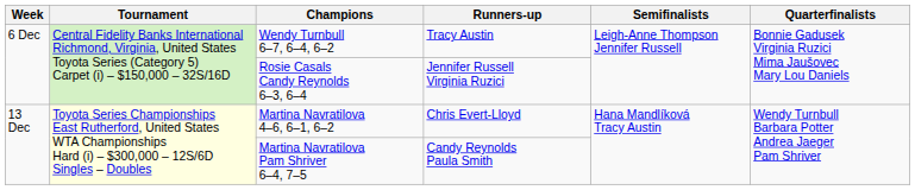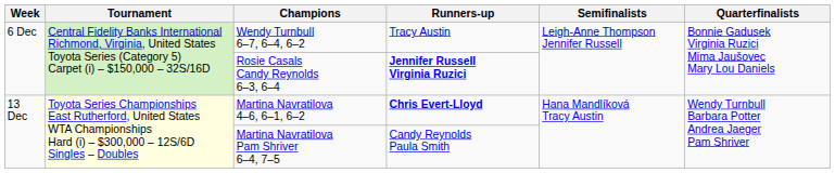 <table class=wikitable style=font-size:95%>
 <tr>
 <th style="width:48px;">Week</th>
 <th style="width:248px;">Tournament</th>
 <th style="width:200px;">Champions</th>
 <th style="width:200px;">Runners-up</th>
 <th style="width:190px;">Semifinalists</th>
 <th style="width:190px;">Quarterfinalists</th>
 </tr>
 <tr valign=top>
 <td rowspan=2>6 Dec</td>
 <td rowspan=2 bgcolor=#D4F1C5><a href='#'>Central Fidelity Banks International</a><br> <a href='#'>Richmond, Virginia</a>, United States <br>Toyota Series  (Category 5)<br>Carpet (i) – $150,000 – 32S/16D</td>
 <td> <a href='#'>Wendy Turnbull</a><br>6–7, 6–4, 6–2</td>
 <td> <a href='#'>Tracy Austin</a></td>
 <td rowspan=2> <a href='#'>Leigh-Anne Thompson</a> <br> <a href='#'>Jennifer Russell</a></td>
 <td rowspan=2> <a href='#'>Bonnie Gadusek</a> <br> <a href='#'>Virginia Ruzici</a> <br>  <a href='#'>Mima Jaušovec</a> <br> <a href='#'>Mary Lou Daniels</a></td>
 </tr>
 <tr valign="top">
 <td> <a href='#'>Rosie Casals</a><br> <a href='#'>Candy Reynolds</a> <br>6–3, 6–4</td>
-<td> <a href='#'>Jennifer Russell</a><br> <a href='#'>Virginia Ruzici</a></td>
+<td><strong> <a href='#'>Jennifer Russell</a><br> <a href='#'>Virginia Ruzici</a></strong></td>
 </tr>
 <tr valign=top>
 <td rowspan=2>13 Dec</td>
 <td rowspan=2 bgcolor=lightyellow><a href='#'>Toyota Series Championships</a><br> <a href='#'>East Rutherford</a>, United States <br>WTA Championships<br>Hard (i) – $300,000 – 12S/6D <br><a href='#'>Singles</a> – <a href='#'>Doubles</a></td>
 <td> <a href='#'>Martina Navratilova</a> <br>4–6, 6–1, 6–2</td>
-<td> <a href='#'>Chris Evert-Lloyd</a></td>
+<td><strong> <a href='#'>Chris Evert-Lloyd</a></strong></td>
 <td rowspan=2> <a href='#'>Hana Mandlíková</a> <br> <a href='#'>Tracy Austin</a></td>
 <td rowspan=2> <a href='#'>Wendy Turnbull</a> <br> <a href='#'>Barbara Potter</a> <br>  <a href='#'>Andrea Jaeger</a> <br> <a href='#'>Pam Shriver</a><br></td>
 </tr>
 <tr valign="top">
 <td> <a href='#'>Martina Navratilova</a><br> <a href='#'>Pam Shriver</a> <br>6–4, 7–5</td>
 <td> <a href='#'>Candy Reynolds</a><br> <a href='#'>Paula Smith</a></td>
 </tr>
 </table>
